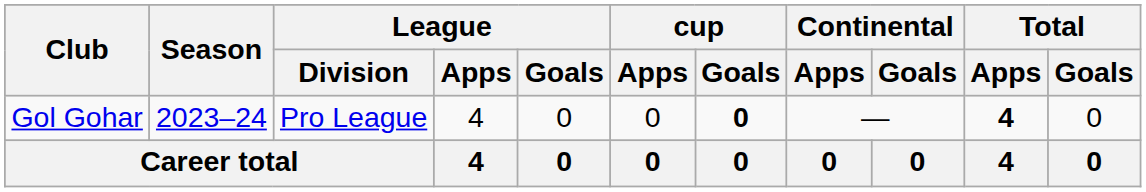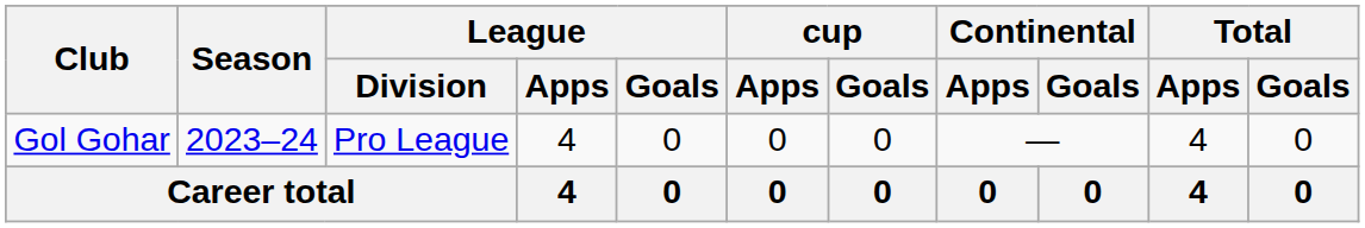 <table class="wikitable" style="text-align:center">
 <tr>
 <th rowspan="2">Club</th>
 <th rowspan="2">Season</th>
 <th colspan="3">League</th>
 <th colspan="2">cup</th>
 <th colspan="2">Continental</th>
 <th colspan="2">Total</th>
 </tr>
 <tr>
 <th>Division</th>
 <th>Apps</th>
 <th>Goals</th>
 <th>Apps</th>
 <th>Goals</th>
 <th>Apps</th>
 <th>Goals</th>
 <th>Apps</th>
 <th>Goals</th>
 </tr>
 <tr>
 <td><a href='#'>Gol Gohar</a></td>
 <td><a href='#'>2023–24</a></td>
 <td><a href='#'>Pro League</a></td>
 <td>4</td>
 <td>0</td>
 <td>0</td>
-<td><strong>0</strong></td>
+<td>0</td>
 <td colspan="2">—</td>
-<td><strong>4</strong></td>
+<td>4</td>
 <td>0</td>
 </tr>
 <tr>
 <th colspan="3">Career total</th>
 <th>4</th>
 <th>0</th>
 <th>0</th>
 <th>0</th>
 <th>0</th>
 <th>0</th>
 <th>4</th>
 <th>0</th>
 </tr>
 </table>
